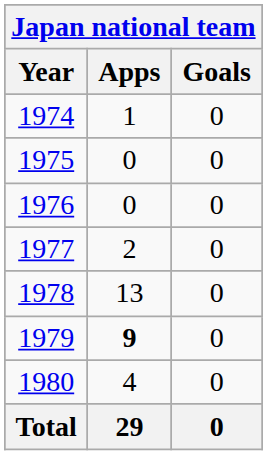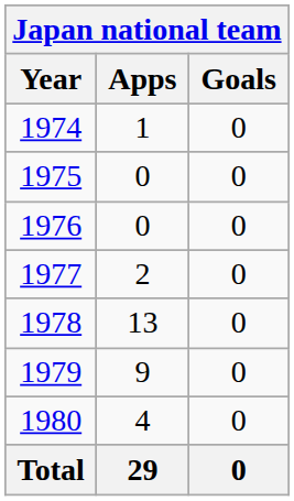 <table class="wikitable" style="text-align:center">
 <tr>
 <th colspan=3><a href='#'>Japan national team</a></th>
 </tr>
 <tr>
 <th>Year</th>
 <th>Apps</th>
 <th>Goals</th>
 </tr>
 <tr>
 <td><a href='#'>1974</a></td>
 <td>1</td>
 <td>0</td>
 </tr>
 <tr>
 <td><a href='#'>1975</a></td>
 <td>0</td>
 <td>0</td>
 </tr>
 <tr>
 <td><a href='#'>1976</a></td>
 <td>0</td>
 <td>0</td>
 </tr>
 <tr>
 <td><a href='#'>1977</a></td>
 <td>2</td>
 <td>0</td>
 </tr>
 <tr>
 <td><a href='#'>1978</a></td>
 <td>13</td>
 <td>0</td>
 </tr>
 <tr>
 <td><a href='#'>1979</a></td>
-<td><strong>9</strong></td>
+<td>9</td>
 <td>0</td>
 </tr>
 <tr>
 <td><a href='#'>1980</a></td>
 <td>4</td>
 <td>0</td>
 </tr>
 <tr>
 <th>Total</th>
 <th>29</th>
 <th>0</th>
 </tr>
 </table>
